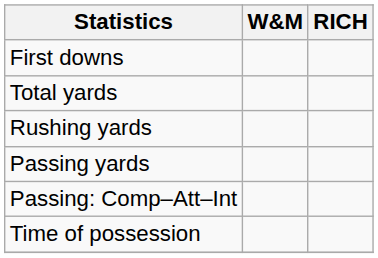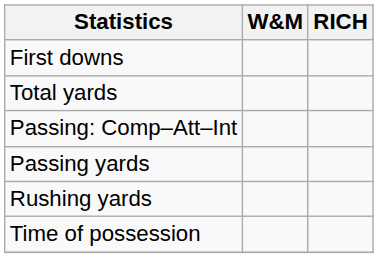 <table class="wikitable" style="float: left;">
 <tr>
 <th>Statistics</th>
 <th>W&M</th>
 <th>RICH</th>
 </tr>
 <tr>
 <td>First downs</td>
 <td></td>
 <td></td>
 </tr>
 <tr>
 <td>Total yards</td>
 <td></td>
 <td></td>
 </tr>
 <tr>
-<td>Rushing yards</td>
+<td>Passing: Comp–Att–Int</td>
 <td></td>
 <td></td>
 </tr>
 <tr>
 <td>Passing yards</td>
 <td></td>
 <td></td>
 </tr>
 <tr>
-<td>Passing: Comp–Att–Int</td>
+<td>Rushing yards</td>
 <td></td>
 <td></td>
 </tr>
 <tr>
 <td>Time of possession</td>
 <td></td>
 <td></td>
 </tr>
 <tr>
 </tr>
 </table>
